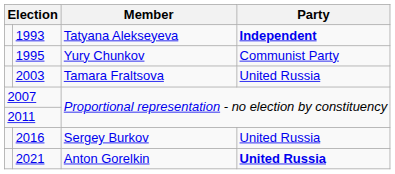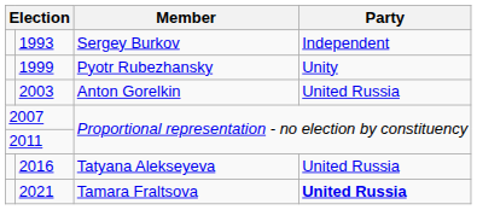 <table class="wikitable">
 <tr>
 <th colspan="2">Election</th>
 <th>Member</th>
 <th>Party</th>
 </tr>
 <tr>
 <td style="background-color:"></td>
 <td><a href='#'>1993</a></td>
-<td><a href='#'>Tatyana Alekseyeva</a></td>
-<td><strong><a href='#'>Independent</a></strong></td>
+<td><a href='#'>Sergey Burkov</a></td>
+<td><a href='#'>Independent</a></td>
 </tr>
 <tr>
 <td style="background-color:"></td>
-<td><a href='#'>1995</a></td>
-<td><a href='#'>Yury Chunkov</a></td>
-<td><a href='#'>Communist Party</a></td>
+<td><a href='#'>1999</a></td>
+<td><a href='#'>Pyotr Rubezhansky</a></td>
+<td><a href='#'>Unity</a></td>
 </tr>
 <tr>
 <td style="background-color:"></td>
 <td><a href='#'>2003</a></td>
-<td><a href='#'>Tamara Fraltsova</a></td>
+<td><a href='#'>Anton Gorelkin</a></td>
 <td><a href='#'>United Russia</a></td>
 </tr>
 <tr>
 <td colspan=2><a href='#'>2007</a></td>
 <td colspan=2 rowspan=2><em><a href='#'>Proportional representation</a> - no election by constituency</em></td>
 </tr>
 <tr>
 <td colspan=2><a href='#'>2011</a></td>
 </tr>
 <tr>
 <td style="background-color: "></td>
 <td><a href='#'>2016</a></td>
-<td><a href='#'>Sergey Burkov</a></td>
+<td><a href='#'>Tatyana Alekseyeva</a></td>
 <td><a href='#'>United Russia</a></td>
 </tr>
 <tr>
 <td style="background-color: "></td>
 <td><a href='#'>2021</a></td>
-<td><a href='#'>Anton Gorelkin</a></td>
+<td><a href='#'>Tamara Fraltsova</a></td>
 <td><strong><a href='#'>United Russia</a></strong></td>
 </tr>
 </table>
